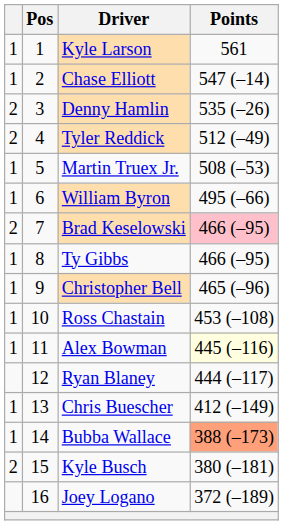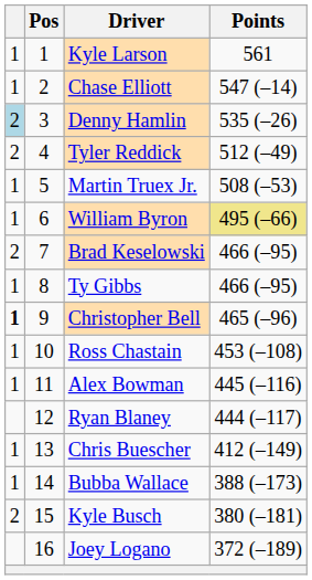 <table class="wikitable" style="font-size: 95%;">
 <tr>
 <th></th>
 <th>Pos</th>
 <th>Driver</th>
 <th>Points</th>
 </tr>
 <tr>
 <td align="left"> 1</td>
 <td style="text-align:center;">1</td>
 <td style="background:#FFDEAD;"><a href='#'>Kyle Larson</a></td>
 <td style="text-align:center;">561</td>
 </tr>
 <tr>
 <td align="left"> 1</td>
 <td style="text-align:center;">2</td>
 <td style="background:#FFDEAD;"><a href='#'>Chase Elliott</a></td>
 <td style="text-align:center;">547 (–14)</td>
 </tr>
 <tr>
-<td align="left"> 2</td>
+<td align="left" style="background: lightblue;"> 2</td>
 <td style="text-align:center;">3</td>
 <td style="background:#FFDEAD;"><a href='#'>Denny Hamlin</a></td>
 <td style="text-align:center;">535 (–26)</td>
 </tr>
 <tr>
 <td align="left"> 2</td>
 <td style="text-align:center;">4</td>
 <td style="background:#FFDEAD;"><a href='#'>Tyler Reddick</a></td>
 <td style="text-align:center;">512 (–49)</td>
 </tr>
 <tr>
 <td align="left"> 1</td>
 <td style="text-align:center;">5</td>
 <td><a href='#'>Martin Truex Jr.</a></td>
 <td style="text-align:center;">508 (–53)</td>
 </tr>
 <tr>
 <td align="left"> 1</td>
 <td style="text-align:center;">6</td>
 <td style="background:#FFDEAD;"><a href='#'>William Byron</a></td>
-<td style="text-align:center;">495 (–66)</td>
+<td style="background: khaki; text-align:center;">495 (–66)</td>
 </tr>
 <tr>
 <td align="left"> 2</td>
 <td style="text-align:center;">7</td>
 <td style="background:#FFDEAD;"><a href='#'>Brad Keselowski</a></td>
-<td style="background: pink; text-align:center;">466 (–95)</td>
+<td style="text-align:center;">466 (–95)</td>
 </tr>
 <tr>
 <td align="left"> 1</td>
 <td style="text-align:center;">8</td>
 <td><a href='#'>Ty Gibbs</a></td>
 <td style="text-align:center;">466 (–95)</td>
 </tr>
 <tr>
-<td align="left"> 1</td>
+<td align="left"><strong> 1</strong></td>
 <td style="text-align:center;">9</td>
 <td style="background:#FFDEAD;"><a href='#'>Christopher Bell</a></td>
 <td style="text-align:center;">465 (–96)</td>
 </tr>
 <tr>
 <td align="left"> 1</td>
 <td style="text-align:center;">10</td>
 <td><a href='#'>Ross Chastain</a></td>
 <td style="text-align:center;">453 (–108)</td>
 </tr>
 <tr>
 <td align="left"> 1</td>
 <td style="text-align:center;">11</td>
 <td><a href='#'>Alex Bowman</a></td>
-<td style="background: lightyellow; text-align:center;">445 (–116)</td>
+<td style="text-align:center;">445 (–116)</td>
 </tr>
 <tr>
 <td align="left"></td>
 <td style="text-align:center;">12</td>
 <td><a href='#'>Ryan Blaney</a></td>
 <td style="text-align:center;">444 (–117)</td>
 </tr>
 <tr>
 <td align="left"> 1</td>
 <td style="text-align:center;">13</td>
 <td><a href='#'>Chris Buescher</a></td>
 <td style="text-align:center;">412 (–149)</td>
 </tr>
 <tr>
 <td align="left"> 1</td>
 <td style="text-align:center;">14</td>
 <td><a href='#'>Bubba Wallace</a></td>
-<td style="background: lightsalmon; text-align:center;">388 (–173)</td>
+<td style="text-align:center;">388 (–173)</td>
 </tr>
 <tr>
 <td align="left"> 2</td>
 <td style="text-align:center;">15</td>
 <td><a href='#'>Kyle Busch</a></td>
 <td style="text-align:center;">380 (–181)</td>
 </tr>
 <tr>
 <td align="left"></td>
 <td style="text-align:center;">16</td>
 <td><a href='#'>Joey Logano</a></td>
 <td style="text-align:center;">372 (–189)</td>
 </tr>
 <tr class="sortbottom">
 <th colspan="9"></th>
 </tr>
 </table>
